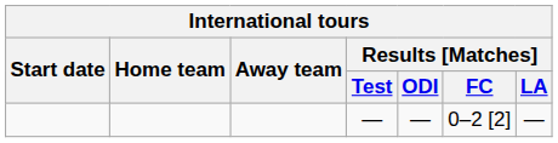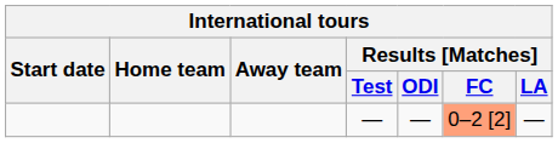 <table class="wikitable">
 <tr>
 <th colspan="7">International tours</th>
 </tr>
 <tr>
 <th rowspan="2">Start date</th>
 <th rowspan="2">Home team</th>
 <th rowspan="2">Away team</th>
 <th colspan="4">Results [Matches]</th>
 </tr>
 <tr>
 <th><a href='#'>Test</a></th>
 <th><a href='#'>ODI</a></th>
 <th><a href='#'>FC</a></th>
 <th><a href='#'>LA</a></th>
 </tr>
 <tr>
 <td><a href='#'></a></td>
 <td></td>
 <td></td>
 <td ; style="text-align:center">—</td>
 <td ; style="text-align:center">—</td>
-<td>0–2 [2]</td>
+<td style="background: lightsalmon;">0–2 [2]</td>
 <td ; style="text-align:center">—</td>
 </tr>
 </table>
